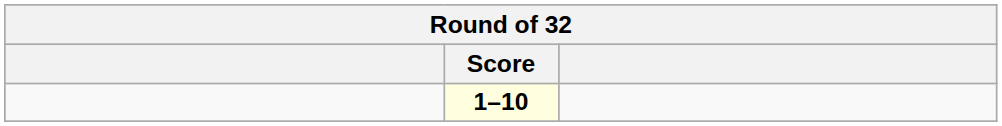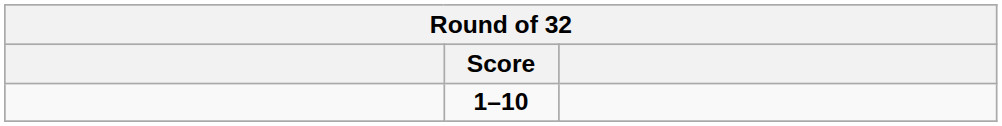 <table class="wikitable" style="text-align: center; font-size:90% ">
 <tr>
 <th colspan=3>Round of 32</th>
 </tr>
 <tr>
 <th align="right" width="250"></th>
 <th width="60">Score</th>
 <th align="left" width="250"></th>
 </tr>
 <tr>
 <td align=left></td>
-<td align=center style="background: lightyellow;"><strong>1–10</strong></td>
+<td align=center><strong>1–10</strong></td>
 <td align=left><strong></strong></td>
 </tr>
 </table>
